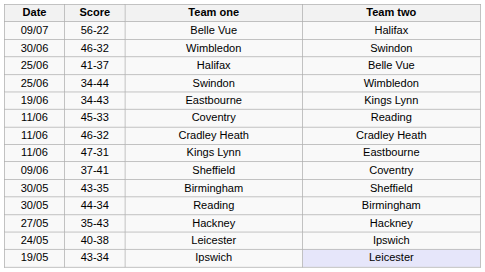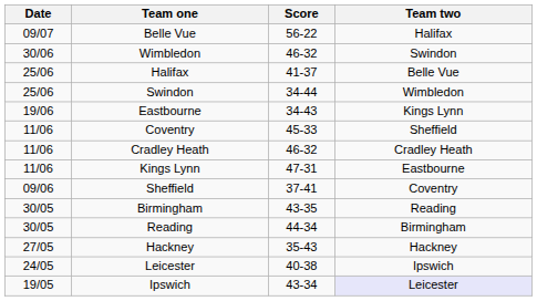 <table class="wikitable" style="text-align: center">
 <tr>
 <th width=80>Date</th>
+<th width=250>Team one</th>
 <th width=80>Score</th>
-<th width=250>Team one</th>
 <th width=250>Team two</th>
 </tr>
 <tr>
 <td>09/07</td>
+<td>Belle Vue</td>
 <td>56-22</td>
-<td>Belle Vue</td>
 <td>Halifax</td>
 </tr>
 <tr>
 <td>30/06</td>
+<td>Wimbledon</td>
 <td>46-32</td>
-<td>Wimbledon</td>
 <td>Swindon</td>
 </tr>
 <tr>
 <td>25/06</td>
+<td>Halifax</td>
 <td>41-37</td>
-<td>Halifax</td>
 <td>Belle Vue</td>
 </tr>
 <tr>
 <td>25/06</td>
+<td>Swindon</td>
 <td>34-44</td>
-<td>Swindon</td>
 <td>Wimbledon</td>
 </tr>
 <tr>
 <td>19/06</td>
+<td>Eastbourne</td>
 <td>34-43</td>
-<td>Eastbourne</td>
 <td>Kings Lynn</td>
 </tr>
 <tr>
 <td>11/06</td>
+<td>Coventry</td>
 <td>45-33</td>
-<td>Coventry</td>
-<td>Reading</td>
+<td>Sheffield</td>
 </tr>
 <tr>
 <td>11/06</td>
+<td>Cradley Heath</td>
 <td>46-32</td>
-<td>Cradley Heath</td>
 <td>Cradley Heath</td>
 </tr>
 <tr>
 <td>11/06</td>
+<td>Kings Lynn</td>
 <td>47-31</td>
-<td>Kings Lynn</td>
 <td>Eastbourne</td>
 </tr>
 <tr>
 <td>09/06</td>
+<td>Sheffield</td>
 <td>37-41</td>
-<td>Sheffield</td>
 <td>Coventry</td>
 </tr>
 <tr>
 <td>30/05</td>
+<td>Birmingham</td>
 <td>43-35</td>
-<td>Birmingham</td>
-<td>Sheffield</td>
+<td>Reading</td>
 </tr>
 <tr>
 <td>30/05</td>
+<td>Reading</td>
 <td>44-34</td>
-<td>Reading</td>
 <td>Birmingham</td>
 </tr>
 <tr>
 <td>27/05</td>
+<td>Hackney</td>
 <td>35-43</td>
-<td>Hackney</td>
 <td>Hackney</td>
 </tr>
 <tr>
 <td>24/05</td>
+<td>Leicester</td>
 <td>40-38</td>
-<td>Leicester</td>
 <td>Ipswich</td>
 </tr>
 <tr>
 <td>19/05</td>
+<td>Ipswich</td>
 <td>43-34</td>
-<td>Ipswich</td>
 <td style="background: lavender;">Leicester</td>
 </tr>
 </table>
